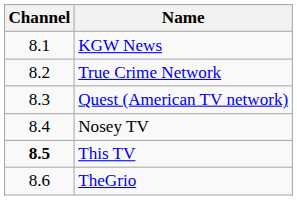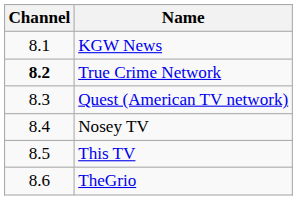 <table class="wikitable sortable">
 <tr>
 <th>Channel</th>
 <th>Name</th>
 </tr>
 <tr>
 <td style="text-align:center;">8.1</td>
 <td><a href='#'>KGW News</a></td>
 </tr>
 <tr>
-<td style="text-align:center;">8.2</td>
+<td style="text-align:center;"><strong>8.2</strong></td>
 <td><a href='#'>True Crime Network</a></td>
 </tr>
 <tr>
 <td style="text-align:center;">8.3</td>
 <td><a href='#'>Quest (American TV network)</a></td>
 </tr>
 <tr>
 <td style="text-align:center;">8.4</td>
 <td>Nosey TV</td>
 </tr>
 <tr>
-<td style="text-align:center;"><strong>8.5</strong></td>
+<td style="text-align:center;">8.5</td>
 <td><a href='#'>This TV</a></td>
 </tr>
 <tr>
 <td style="text-align:center;">8.6</td>
 <td><a href='#'>TheGrio</a></td>
 </tr>
 </table>
